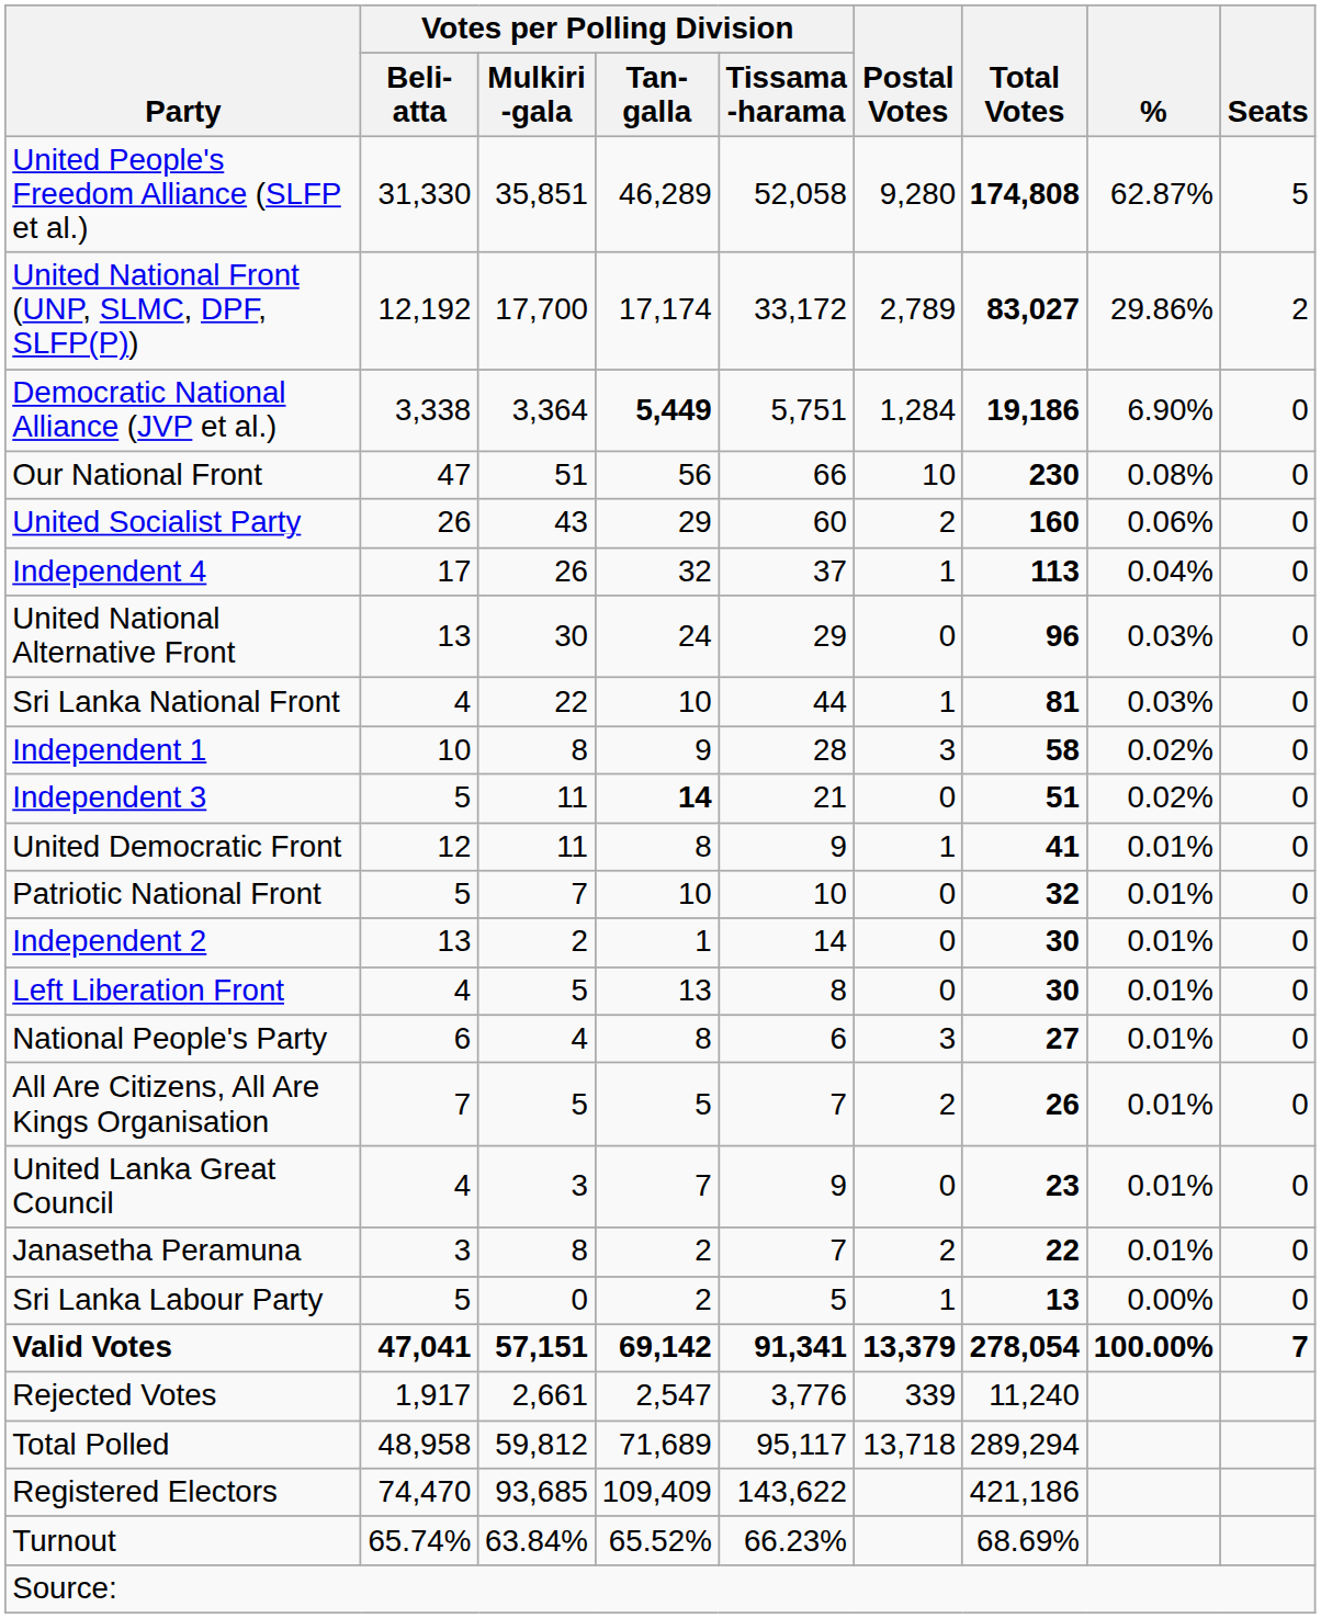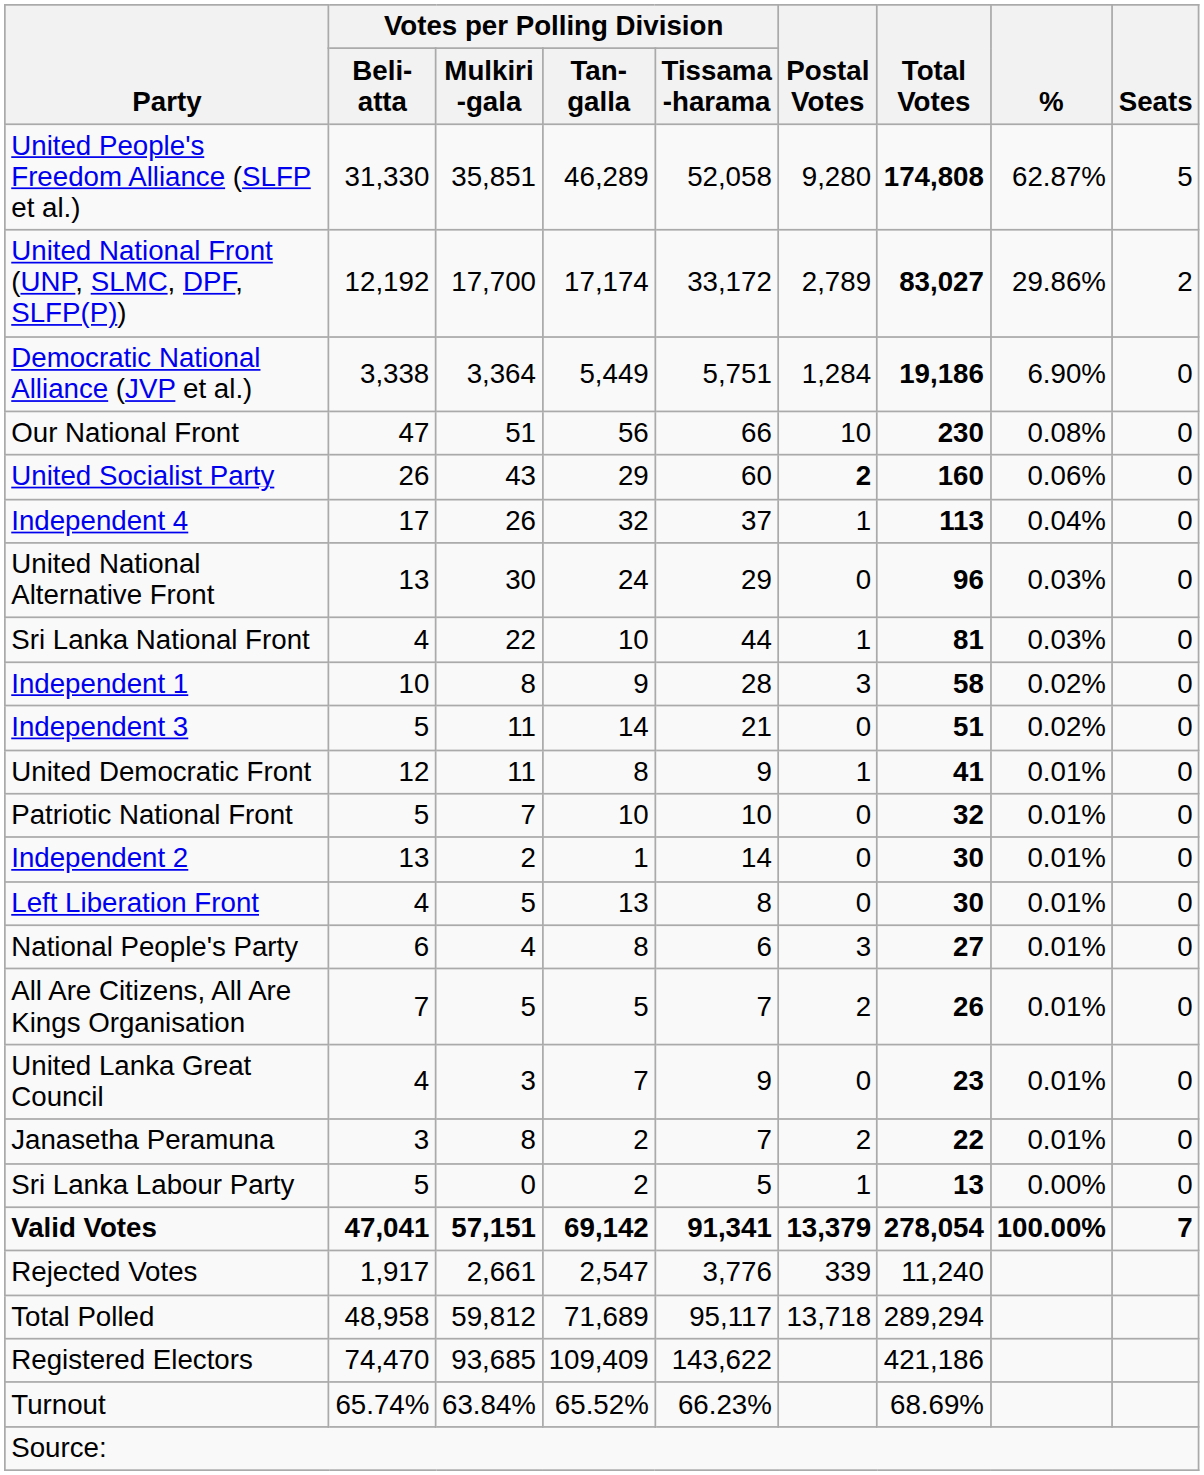 <table class="wikitable" style="text-align:right;">
 <tr>
 <th align=left valign=bottom rowspan=2 width="180">Party</th>
 <th colspan=4>Votes per Polling Division</th>
 <th align=center valign=bottom rowspan=2 width="50">Postal<br>Votes</th>
 <th align=center valign=bottom rowspan=2 width="50">Total Votes</th>
 <th align=center valign=bottom rowspan=2 width="50">%</th>
 <th align=center valign=bottom rowspan=2 width="40">Seats</th>
 </tr>
 <tr>
 <th align=center valign=bottom width="50">Beli-<br>atta</th>
 <th align=center valign=bottom width="50">Mulkiri<br>-gala</th>
 <th align=center valign=bottom width="50">Tan-<br>galla</th>
 <th align=center valign=bottom width="50">Tissama<br>-harama</th>
 </tr>
 <tr>
 <td align=left><a href='#'>United People's Freedom Alliance</a> (<a href='#'>SLFP</a> et al.)</td>
 <td>31,330</td>
 <td>35,851</td>
 <td>46,289</td>
 <td>52,058</td>
 <td>9,280</td>
 <td><strong>174,808</strong></td>
 <td>62.87%</td>
 <td>5</td>
 </tr>
 <tr>
 <td align=left><a href='#'>United National Front</a><br>(<a href='#'>UNP</a>, <a href='#'>SLMC</a>, <a href='#'>DPF</a>, <a href='#'>SLFP(P)</a>)</td>
 <td>12,192</td>
 <td>17,700</td>
 <td>17,174</td>
 <td>33,172</td>
 <td>2,789</td>
 <td><strong>83,027</strong></td>
 <td>29.86%</td>
 <td>2</td>
 </tr>
 <tr>
 <td align=left><a href='#'>Democratic National Alliance</a> (<a href='#'>JVP</a> et al.)</td>
 <td>3,338</td>
 <td>3,364</td>
-<td><strong>5,449</strong></td>
+<td>5,449</td>
 <td>5,751</td>
 <td>1,284</td>
 <td><strong>19,186</strong></td>
 <td>6.90%</td>
 <td>0</td>
 </tr>
 <tr>
 <td align=left>Our National Front</td>
 <td>47</td>
 <td>51</td>
 <td>56</td>
 <td>66</td>
 <td>10</td>
 <td><strong>230</strong></td>
 <td>0.08%</td>
 <td>0</td>
 </tr>
 <tr>
 <td align=left><a href='#'>United Socialist Party</a></td>
 <td>26</td>
 <td>43</td>
 <td>29</td>
 <td>60</td>
-<td>2</td>
+<td><strong>2</strong></td>
 <td><strong>160</strong></td>
 <td>0.06%</td>
 <td>0</td>
 </tr>
 <tr>
 <td align=left><a href='#'>Independent 4</a></td>
 <td>17</td>
 <td>26</td>
 <td>32</td>
 <td>37</td>
 <td>1</td>
 <td><strong>113</strong></td>
 <td>0.04%</td>
 <td>0</td>
 </tr>
 <tr>
 <td align=left>United National Alternative Front</td>
 <td>13</td>
 <td>30</td>
 <td>24</td>
 <td>29</td>
 <td>0</td>
 <td><strong>96</strong></td>
 <td>0.03%</td>
 <td>0</td>
 </tr>
 <tr>
 <td align=left>Sri Lanka National Front</td>
 <td>4</td>
 <td>22</td>
 <td>10</td>
 <td>44</td>
 <td>1</td>
 <td><strong>81</strong></td>
 <td>0.03%</td>
 <td>0</td>
 </tr>
 <tr>
 <td align=left><a href='#'>Independent 1</a></td>
 <td>10</td>
 <td>8</td>
 <td>9</td>
 <td>28</td>
 <td>3</td>
 <td><strong>58</strong></td>
 <td>0.02%</td>
 <td>0</td>
 </tr>
 <tr>
 <td align=left><a href='#'>Independent 3</a></td>
 <td>5</td>
 <td>11</td>
-<td><strong>14</strong></td>
+<td>14</td>
 <td>21</td>
 <td>0</td>
 <td><strong>51</strong></td>
 <td>0.02%</td>
 <td>0</td>
 </tr>
 <tr>
 <td align=left>United Democratic Front</td>
 <td>12</td>
 <td>11</td>
 <td>8</td>
 <td>9</td>
 <td>1</td>
 <td><strong>41</strong></td>
 <td>0.01%</td>
 <td>0</td>
 </tr>
 <tr>
 <td align=left>Patriotic National Front</td>
 <td>5</td>
 <td>7</td>
 <td>10</td>
 <td>10</td>
 <td>0</td>
 <td><strong>32</strong></td>
 <td>0.01%</td>
 <td>0</td>
 </tr>
 <tr>
 <td align=left><a href='#'>Independent 2</a></td>
 <td>13</td>
 <td>2</td>
 <td>1</td>
 <td>14</td>
 <td>0</td>
 <td><strong>30</strong></td>
 <td>0.01%</td>
 <td>0</td>
 </tr>
 <tr>
 <td align=left><a href='#'>Left Liberation Front</a></td>
 <td>4</td>
 <td>5</td>
 <td>13</td>
 <td>8</td>
 <td>0</td>
 <td><strong>30</strong></td>
 <td>0.01%</td>
 <td>0</td>
 </tr>
 <tr>
 <td align=left>National People's Party</td>
 <td>6</td>
 <td>4</td>
 <td>8</td>
 <td>6</td>
 <td>3</td>
 <td><strong>27</strong></td>
 <td>0.01%</td>
 <td>0</td>
 </tr>
 <tr>
 <td align=left>All Are Citizens, All Are Kings Organisation</td>
 <td>7</td>
 <td>5</td>
 <td>5</td>
 <td>7</td>
 <td>2</td>
 <td><strong>26</strong></td>
 <td>0.01%</td>
 <td>0</td>
 </tr>
 <tr>
 <td align=left>United Lanka Great Council</td>
 <td>4</td>
 <td>3</td>
 <td>7</td>
 <td>9</td>
 <td>0</td>
 <td><strong>23</strong></td>
 <td>0.01%</td>
 <td>0</td>
 </tr>
 <tr>
 <td align=left>Janasetha Peramuna</td>
 <td>3</td>
 <td>8</td>
 <td>2</td>
 <td>7</td>
 <td>2</td>
 <td><strong>22</strong></td>
 <td>0.01%</td>
 <td>0</td>
 </tr>
 <tr>
 <td align=left>Sri Lanka Labour Party</td>
 <td>5</td>
 <td>0</td>
 <td>2</td>
 <td>5</td>
 <td>1</td>
 <td><strong>13</strong></td>
 <td>0.00%</td>
 <td>0</td>
 </tr>
 <tr>
 <td align=left><strong>Valid Votes</strong></td>
 <td><strong>47,041</strong></td>
 <td><strong>57,151</strong></td>
 <td><strong>69,142</strong></td>
 <td><strong>91,341</strong></td>
 <td><strong>13,379</strong></td>
 <td><strong>278,054</strong></td>
 <td><strong>100.00%</strong></td>
 <td><strong>7</strong></td>
 </tr>
 <tr>
 <td align=left>Rejected Votes</td>
 <td>1,917</td>
 <td>2,661</td>
 <td>2,547</td>
 <td>3,776</td>
 <td>339</td>
 <td>11,240</td>
 <td></td>
 <td></td>
 </tr>
 <tr>
 <td align=left>Total Polled</td>
 <td>48,958</td>
 <td>59,812</td>
 <td>71,689</td>
 <td>95,117</td>
 <td>13,718</td>
 <td>289,294</td>
 <td></td>
 <td></td>
 </tr>
 <tr>
 <td align=left>Registered Electors</td>
 <td>74,470</td>
 <td>93,685</td>
 <td>109,409</td>
 <td>143,622</td>
 <td></td>
 <td>421,186</td>
 <td></td>
 <td></td>
 </tr>
 <tr>
 <td align=left>Turnout</td>
 <td>65.74%</td>
 <td>63.84%</td>
 <td>65.52%</td>
 <td>66.23%</td>
 <td></td>
 <td>68.69%</td>
 <td></td>
 <td></td>
 </tr>
 <tr>
 <td align=left colspan=10>Source:</td>
 </tr>
 </table>
